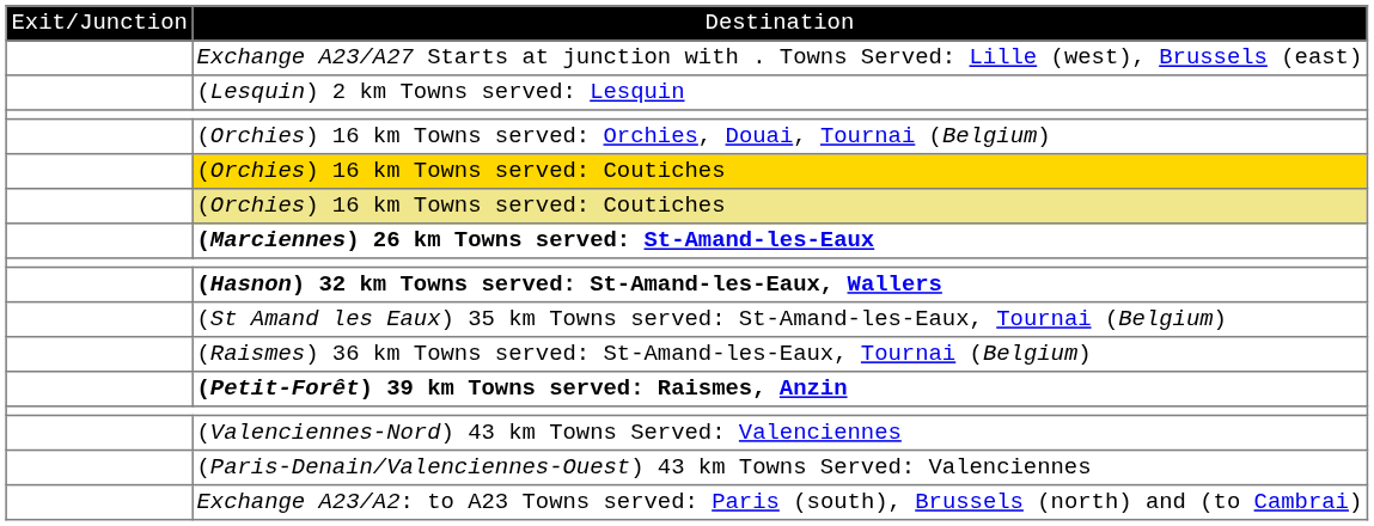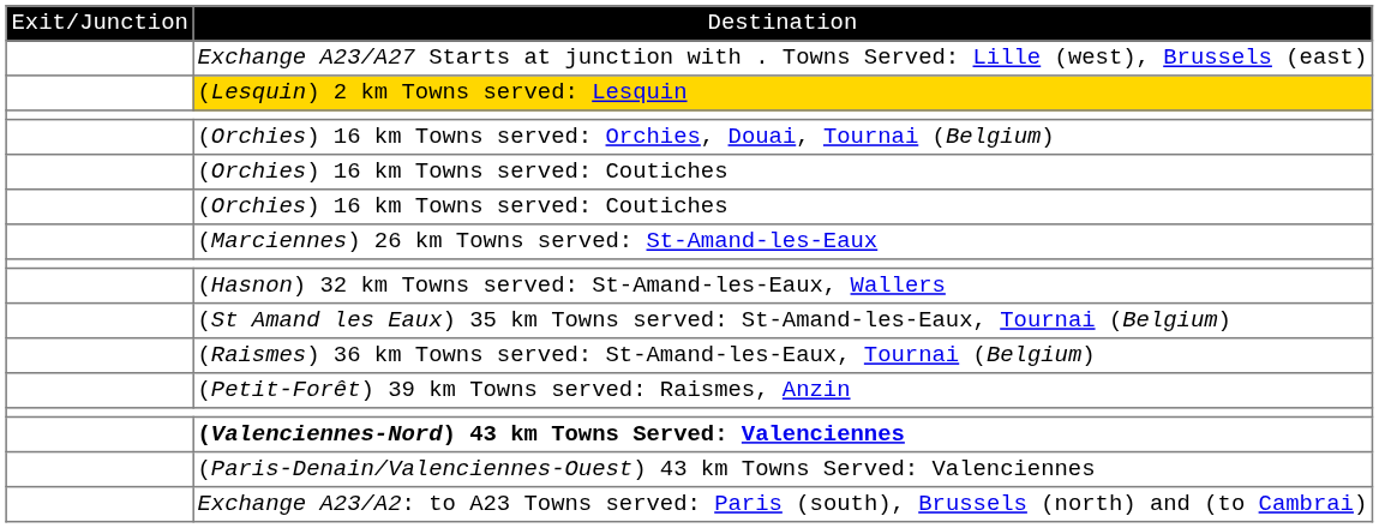 <table border="1" cellpadding="2" style="margin-left:1em; margin-bottom: 1em; color: black; border-collapse: collapse; font-size: 95%;">
 <tr align="center" bgcolor="000000" style="color: white">
 <td>Exit/Junction</td>
 <td>Destination</td>
 </tr>
 <tr>
 <td></td>
 <td><em>Exchange A23/A27</em> Starts at junction with <em></em>.  Towns Served: <a href='#'>Lille</a> (west), <a href='#'>Brussels</a> (east)</td>
 </tr>
 <tr>
 <td></td>
-<td>(<em>Lesquin</em>) 2 km Towns served: <a href='#'>Lesquin</a></td>
+<td style="background: gold;">(<em>Lesquin</em>) 2 km Towns served: <a href='#'>Lesquin</a></td>
 </tr>
 <tr>
 <td colspan="2"></td>
 </tr>
 <tr>
 <td></td>
 <td>(<em>Orchies</em>) 16 km Towns served: <a href='#'>Orchies</a>, <a href='#'>Douai</a>, <a href='#'>Tournai</a> (<em>Belgium</em>)</td>
 </tr>
 <tr>
 <td></td>
-<td style="background: gold;">(<em>Orchies</em>) 16 km Towns served: Coutiches</td>
+<td>(<em>Orchies</em>) 16 km Towns served: Coutiches</td>
 </tr>
 <tr>
 <td></td>
-<td style="background: khaki;">(<em>Orchies</em>) 16 km Towns served: Coutiches</td>
+<td>(<em>Orchies</em>) 16 km Towns served: Coutiches</td>
 </tr>
 <tr>
 <td></td>
-<td><strong>(<em>Marciennes</em>) 26 km Towns served: <a href='#'>St-Amand-les-Eaux</a></strong></td>
+<td>(<em>Marciennes</em>) 26 km Towns served: <a href='#'>St-Amand-les-Eaux</a></td>
 </tr>
 <tr>
 <td colspan="2"></td>
 </tr>
 <tr>
 <td></td>
-<td><strong>(<em>Hasnon</em>) 32 km Towns served: St-Amand-les-Eaux, <a href='#'>Wallers</a></strong></td>
+<td>(<em>Hasnon</em>) 32 km Towns served: St-Amand-les-Eaux, <a href='#'>Wallers</a></td>
 </tr>
 <tr>
 <td></td>
 <td>(<em>St Amand les Eaux</em>) 35 km Towns served: St-Amand-les-Eaux, <a href='#'>Tournai</a> (<em>Belgium</em>)</td>
 </tr>
 <tr>
 <td></td>
 <td>(<em>Raismes</em>) 36 km Towns served: St-Amand-les-Eaux, <a href='#'>Tournai</a> (<em>Belgium</em>)</td>
 </tr>
 <tr>
 <td></td>
-<td><strong>(<em>Petit-Forêt</em>) 39 km Towns served: Raismes, <a href='#'>Anzin</a></strong></td>
+<td>(<em>Petit-Forêt</em>) 39 km Towns served: Raismes, <a href='#'>Anzin</a></td>
 </tr>
 <tr>
 <td colspan="2"></td>
 </tr>
 <tr>
 <td></td>
-<td>(<em>Valenciennes-Nord</em>) 43 km Towns Served: <a href='#'>Valenciennes</a></td>
+<td><strong>(<em>Valenciennes-Nord</em>) 43 km Towns Served: <a href='#'>Valenciennes</a></strong></td>
 </tr>
 <tr>
 <td></td>
 <td>(<em>Paris-Denain/Valenciennes-Ouest</em>) 43 km Towns Served: Valenciennes</td>
 </tr>
 <tr>
 <td></td>
 <td><em>Exchange A23/A2</em>: <em></em> to A23 Towns served: <a href='#'>Paris</a> (south), <a href='#'>Brussels</a> (north) and <em></em> (to <a href='#'>Cambrai</a>)</td>
 </tr>
 </table>
